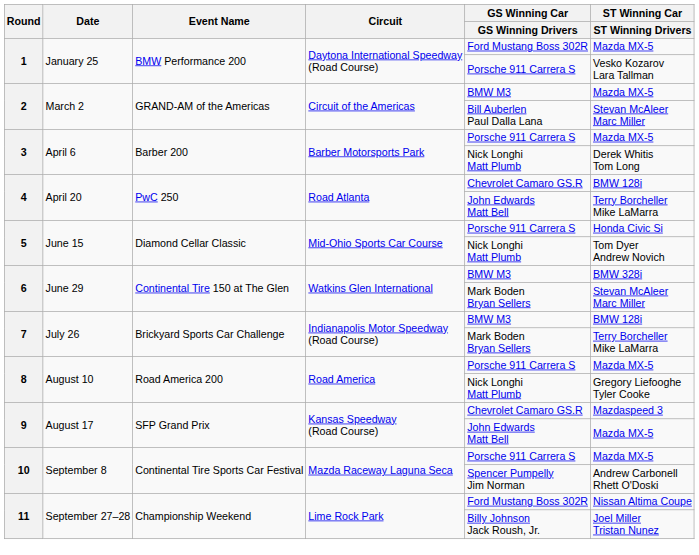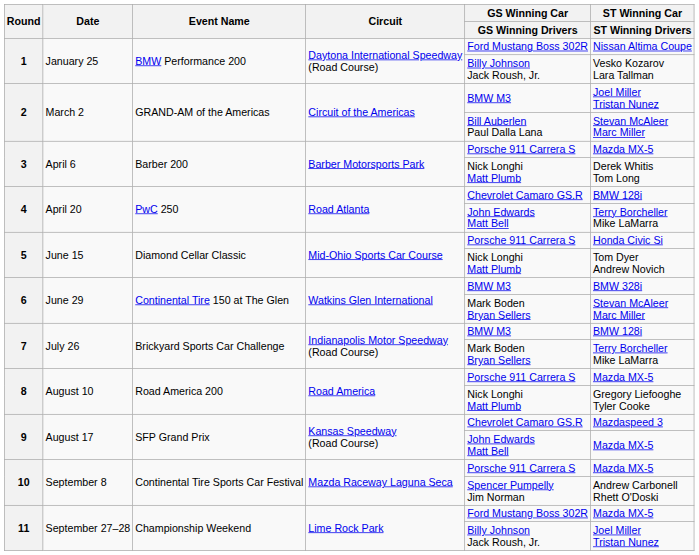 <table class="wikitable" style="font-size:90%">
 <tr>
 <th rowspan=2>Round</th>
 <th rowspan=2>Date</th>
 <th rowspan=2>Event Name</th>
 <th rowspan=2>Circuit</th>
 <th>GS Winning Car</th>
 <th>ST Winning Car</th>
 </tr>
 <tr>
 <th>GS Winning Drivers</th>
 <th>ST Winning Drivers</th>
 </tr>
 <tr>
 <th rowspan=2>1</th>
 <td rowspan=2>January 25</td>
 <td rowspan=2><a href='#'>BMW</a> Performance 200</td>
 <td rowspan=2><a href='#'>Daytona International Speedway</a> <br> (Road Course)</td>
 <td><a href='#'>Ford Mustang Boss 302R</a></td>
-<td><a href='#'>Mazda MX-5</a></td>
+<td><a href='#'>Nissan Altima Coupe</a></td>
 </tr>
 <tr>
-<td><a href='#'>Porsche 911 Carrera S</a></td>
+<td> <a href='#'>Billy Johnson</a><br> Jack Roush, Jr.</td>
 <td> Vesko Kozarov<br> Lara Tallman</td>
 </tr>
 <tr>
 <th rowspan=2>2</th>
 <td rowspan=2>March 2</td>
 <td rowspan=2>GRAND-AM of the Americas</td>
 <td rowspan=2><a href='#'>Circuit of the Americas</a></td>
 <td><a href='#'>BMW M3</a></td>
-<td><a href='#'>Mazda MX-5</a></td>
+<td> <a href='#'>Joel Miller</a><br> <a href='#'>Tristan Nunez</a></td>
 </tr>
 <tr>
 <td> <a href='#'>Bill Auberlen</a><br> Paul Dalla Lana</td>
 <td> <a href='#'>Stevan McAleer</a><br> <a href='#'>Marc Miller</a></td>
 </tr>
 <tr>
 <th rowspan=2>3</th>
 <td rowspan=2>April 6</td>
 <td rowspan=2>Barber 200</td>
 <td rowspan=2><a href='#'>Barber Motorsports Park</a></td>
 <td><a href='#'>Porsche 911 Carrera S</a></td>
 <td><a href='#'>Mazda MX-5</a></td>
 </tr>
 <tr>
 <td> Nick Longhi<br> <a href='#'>Matt Plumb</a></td>
 <td> Derek Whitis<br> Tom Long</td>
 </tr>
 <tr>
 <th rowspan=2>4</th>
 <td rowspan=2>April 20</td>
 <td rowspan=2><a href='#'>PwC</a> 250</td>
 <td rowspan=2><a href='#'>Road Atlanta</a></td>
 <td><a href='#'>Chevrolet Camaro GS.R</a></td>
 <td><a href='#'>BMW 128i</a></td>
 </tr>
 <tr>
 <td> <a href='#'>John Edwards</a><br> <a href='#'>Matt Bell</a></td>
 <td> <a href='#'>Terry Borcheller</a><br> Mike LaMarra</td>
 </tr>
 <tr>
 <th rowspan=2>5</th>
 <td rowspan=2>June 15</td>
 <td rowspan=2>Diamond Cellar Classic</td>
 <td rowspan=2><a href='#'>Mid-Ohio Sports Car Course</a></td>
 <td><a href='#'>Porsche 911 Carrera S</a></td>
 <td><a href='#'>Honda Civic Si</a></td>
 </tr>
 <tr>
 <td> Nick Longhi<br> <a href='#'>Matt Plumb</a></td>
 <td> Tom Dyer<br> Andrew Novich</td>
 </tr>
 <tr>
 <th rowspan=2>6</th>
 <td rowspan=2>June 29</td>
 <td rowspan=2><a href='#'>Continental Tire</a> 150 at The Glen</td>
 <td rowspan=2><a href='#'>Watkins Glen International</a></td>
 <td><a href='#'>BMW M3</a></td>
 <td><a href='#'>BMW 328i</a></td>
 </tr>
 <tr>
 <td> Mark Boden<br> <a href='#'>Bryan Sellers</a></td>
 <td> <a href='#'>Stevan McAleer</a><br> <a href='#'>Marc Miller</a></td>
 </tr>
 <tr>
 <th rowspan=2>7</th>
 <td rowspan=2>July 26</td>
 <td rowspan=2>Brickyard Sports Car Challenge</td>
 <td rowspan=2><a href='#'>Indianapolis Motor Speedway</a> <br> (Road Course)</td>
 <td><a href='#'>BMW M3</a></td>
 <td><a href='#'>BMW 128i</a></td>
 </tr>
 <tr>
 <td> Mark Boden<br> <a href='#'>Bryan Sellers</a></td>
 <td> <a href='#'>Terry Borcheller</a><br> Mike LaMarra</td>
 </tr>
 <tr>
 <th rowspan=2>8</th>
 <td rowspan=2>August 10</td>
 <td rowspan=2>Road America 200</td>
 <td rowspan=2><a href='#'>Road America</a></td>
 <td><a href='#'>Porsche 911 Carrera S</a></td>
 <td><a href='#'>Mazda MX-5</a></td>
 </tr>
 <tr>
 <td> Nick Longhi<br> <a href='#'>Matt Plumb</a></td>
 <td> Gregory Liefooghe<br> Tyler Cooke</td>
 </tr>
 <tr>
 <th rowspan=2>9</th>
 <td rowspan=2>August 17</td>
 <td rowspan=2>SFP Grand Prix</td>
 <td rowspan=2><a href='#'>Kansas Speedway</a> <br> (Road Course)</td>
 <td><a href='#'>Chevrolet Camaro GS.R</a></td>
 <td><a href='#'>Mazdaspeed 3</a></td>
 </tr>
 <tr>
 <td> <a href='#'>John Edwards</a><br> <a href='#'>Matt Bell</a></td>
 <td><a href='#'>Mazda MX-5</a></td>
 </tr>
 <tr>
 <th rowspan=2>10</th>
 <td rowspan=2>September 8</td>
 <td rowspan=2>Continental Tire Sports Car Festival</td>
 <td rowspan=2><a href='#'>Mazda Raceway Laguna Seca</a></td>
 <td><a href='#'>Porsche 911 Carrera S</a></td>
 <td><a href='#'>Mazda MX-5</a></td>
 </tr>
 <tr>
 <td> <a href='#'>Spencer Pumpelly</a><br> Jim Norman</td>
 <td> Andrew Carbonell<br> Rhett O'Doski</td>
 </tr>
 <tr>
 <th rowspan=2>11</th>
 <td rowspan=2>September 27–28</td>
 <td rowspan=2>Championship Weekend</td>
 <td rowspan=2><a href='#'>Lime Rock Park</a></td>
 <td><a href='#'>Ford Mustang Boss 302R</a></td>
-<td><a href='#'>Nissan Altima Coupe</a></td>
+<td><a href='#'>Mazda MX-5</a></td>
 </tr>
 <tr>
 <td> <a href='#'>Billy Johnson</a><br> Jack Roush, Jr.</td>
 <td> <a href='#'>Joel Miller</a><br> <a href='#'>Tristan Nunez</a></td>
 </tr>
 </table>
